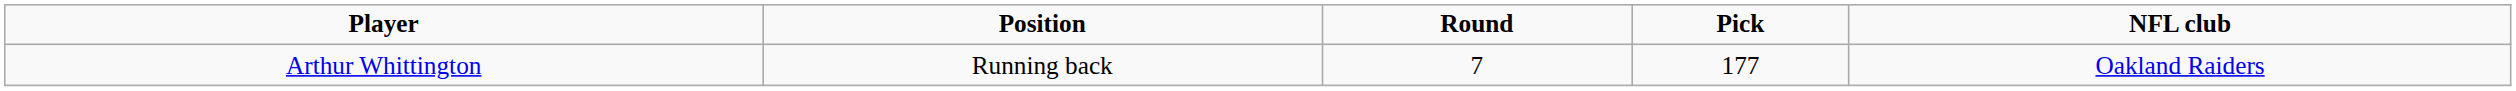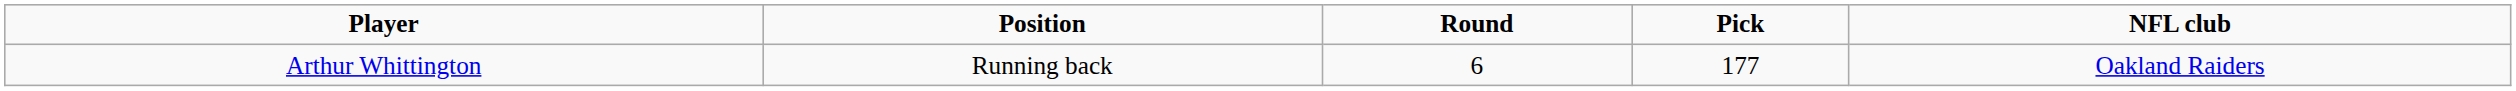 <table class="wikitable" width="80%">
 <tr align="center">
 <td><strong>Player</strong></td>
 <td><strong>Position</strong></td>
 <td><strong>Round</strong></td>
 <td><strong>Pick</strong></td>
 <td><strong>NFL club</strong></td>
 </tr>
 <tr align="center" bgcolor="">
 <td><a href='#'>Arthur Whittington</a></td>
 <td>Running back</td>
-<td>7</td>
+<td>6</td>
 <td>177</td>
 <td><a href='#'>Oakland Raiders</a></td>
 </tr>
 </table>
